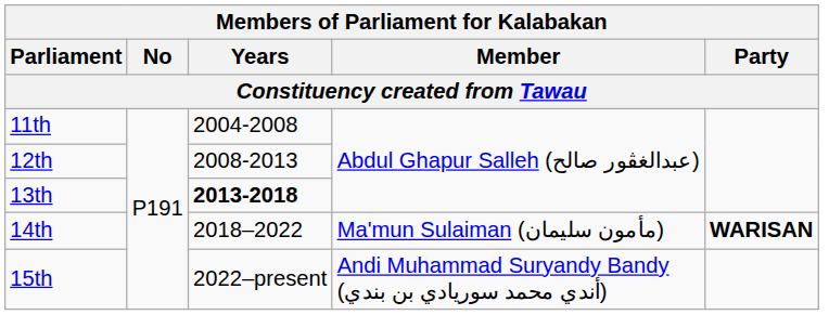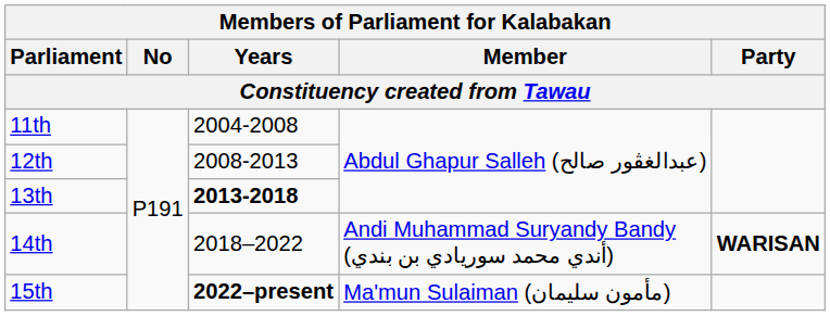 <table class=wikitable>
 <tr>
 <th colspan="5">Members of Parliament for Kalabakan</th>
 </tr>
 <tr>
 <th>Parliament</th>
 <th>No</th>
 <th>Years</th>
 <th>Member</th>
 <th>Party</th>
 </tr>
 <tr>
 <th colspan="5" align="center"><em>Constituency created from <a href='#'>Tawau</a></em></th>
 </tr>
 <tr>
 <td><a href='#'>11th</a></td>
 <td rowspan="5">P191</td>
 <td>2004-2008</td>
 <td rowspan=3><a href='#'>Abdul Ghapur Salleh</a> (عبدالغڤور صالح‎)</td>
 <td rowspan=3></td>
 </tr>
 <tr>
 <td><a href='#'>12th</a></td>
 <td>2008-2013</td>
 </tr>
 <tr>
 <td><a href='#'>13th</a></td>
 <td><strong>2013-2018</strong></td>
 </tr>
 <tr>
 <td><a href='#'>14th</a></td>
 <td>2018–2022</td>
-<td><a href='#'>Ma'mun Sulaiman</a> (مأمون سليمان)</td>
+<td><a href='#'>Andi Muhammad Suryandy Bandy</a>  <br> (أندي محمد سوريادي بن بندي)</td>
 <td><strong>WARISAN</strong></td>
 </tr>
 <tr>
 <td><a href='#'>15th</a></td>
-<td>2022–present</td>
-<td><a href='#'>Andi Muhammad Suryandy Bandy</a>  <br> (أندي محمد سوريادي بن بندي)</td>
+<td><strong>2022–present</strong></td>
+<td><a href='#'>Ma'mun Sulaiman</a> (مأمون سليمان)</td>
 <td></td>
 </tr>
 </table>
